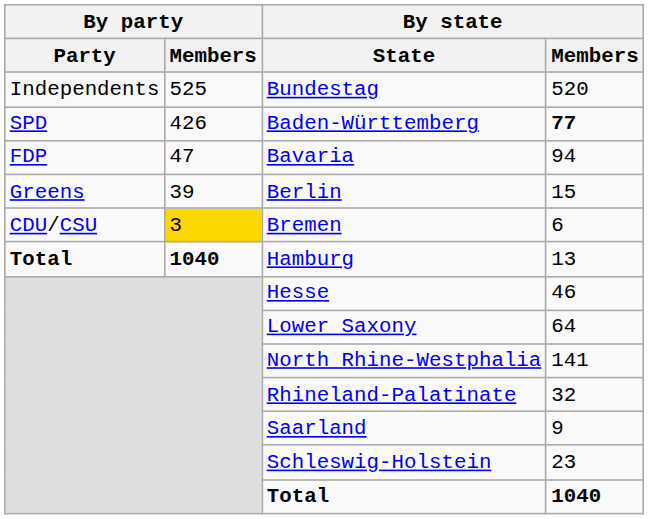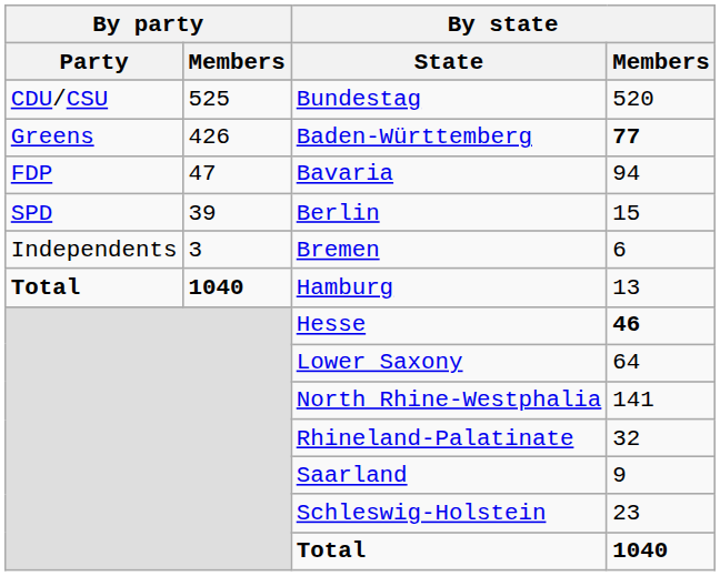 <table class="wikitable">
 <tr>
 <th colspan=2>By party</th>
 <th colspan=2>By state</th>
 </tr>
 <tr ->
 <th>Party</th>
 <th>Members</th>
 <th>State</th>
 <th>Members</th>
 </tr>
 <tr>
-<td>Independents</td>
+<td><a href='#'>CDU</a>/<a href='#'>CSU</a></td>
 <td>525</td>
 <td><a href='#'>Bundestag</a></td>
 <td>520</td>
 </tr>
 <tr>
-<td><a href='#'>SPD</a></td>
+<td><a href='#'>Greens</a></td>
 <td>426</td>
 <td><a href='#'>Baden-Württemberg</a></td>
 <td><strong>77</strong></td>
 </tr>
 <tr>
 <td><a href='#'>FDP</a></td>
 <td>47</td>
 <td><a href='#'>Bavaria</a></td>
 <td>94</td>
 </tr>
 <tr>
-<td><a href='#'>Greens</a></td>
+<td><a href='#'>SPD</a></td>
 <td>39</td>
 <td><a href='#'>Berlin</a></td>
 <td>15</td>
 </tr>
 <tr>
-<td><a href='#'>CDU</a>/<a href='#'>CSU</a></td>
-<td style="background: gold;">3</td>
+<td>Independents</td>
+<td>3</td>
 <td><a href='#'>Bremen</a></td>
 <td>6</td>
 </tr>
 <tr>
 <td><strong>Total</strong></td>
 <td><strong>1040</strong></td>
 <td><a href='#'>Hamburg</a></td>
 <td>13</td>
 </tr>
 <tr>
 <td colspan="2" rowspan="7" style="background:#dedede;"></td>
 <td><a href='#'>Hesse</a></td>
-<td>46</td>
+<td><strong>46</strong></td>
 </tr>
 <tr>
 <td><a href='#'>Lower Saxony</a></td>
 <td>64</td>
 </tr>
 <tr>
 <td><a href='#'>North Rhine-Westphalia</a></td>
 <td>141</td>
 </tr>
 <tr>
 <td><a href='#'>Rhineland-Palatinate</a></td>
 <td>32</td>
 </tr>
 <tr>
 <td><a href='#'>Saarland</a></td>
 <td>9</td>
 </tr>
 <tr>
 <td><a href='#'>Schleswig-Holstein</a></td>
 <td>23</td>
 </tr>
 <tr>
 <td><strong>Total</strong></td>
 <td><strong>1040</strong></td>
 </tr>
 </table>
